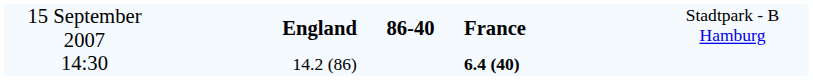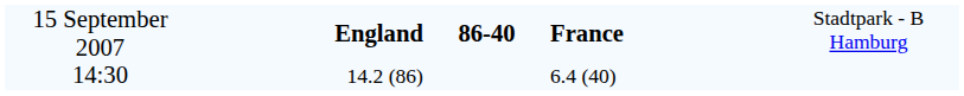 <table style="width: 100%; background:#F5FAFF;" cellspacing="0">
 <tr>
 <td align=center rowspan=3 width=20%>15 September 2007<br>14:30</td>
 </tr>
 <tr>
 <td width=24% align=right><strong>England</strong></td>
 <td align=center width=13%><strong>86-40</strong></td>
 <td width=24%><strong>France</strong></td>
 <td style=font-size:85% rowspan=3 valign=top align=center>Stadtpark - B <br><a href='#'>Hamburg</a></td>
 </tr>
 <tr style=font-size:85%>
 <td align=right>14.2 (86)</td>
 <td align=center></td>
-<td><strong>6.4 (40)</strong></td>
+<td>6.4 (40)</td>
 </tr>
 </table>
